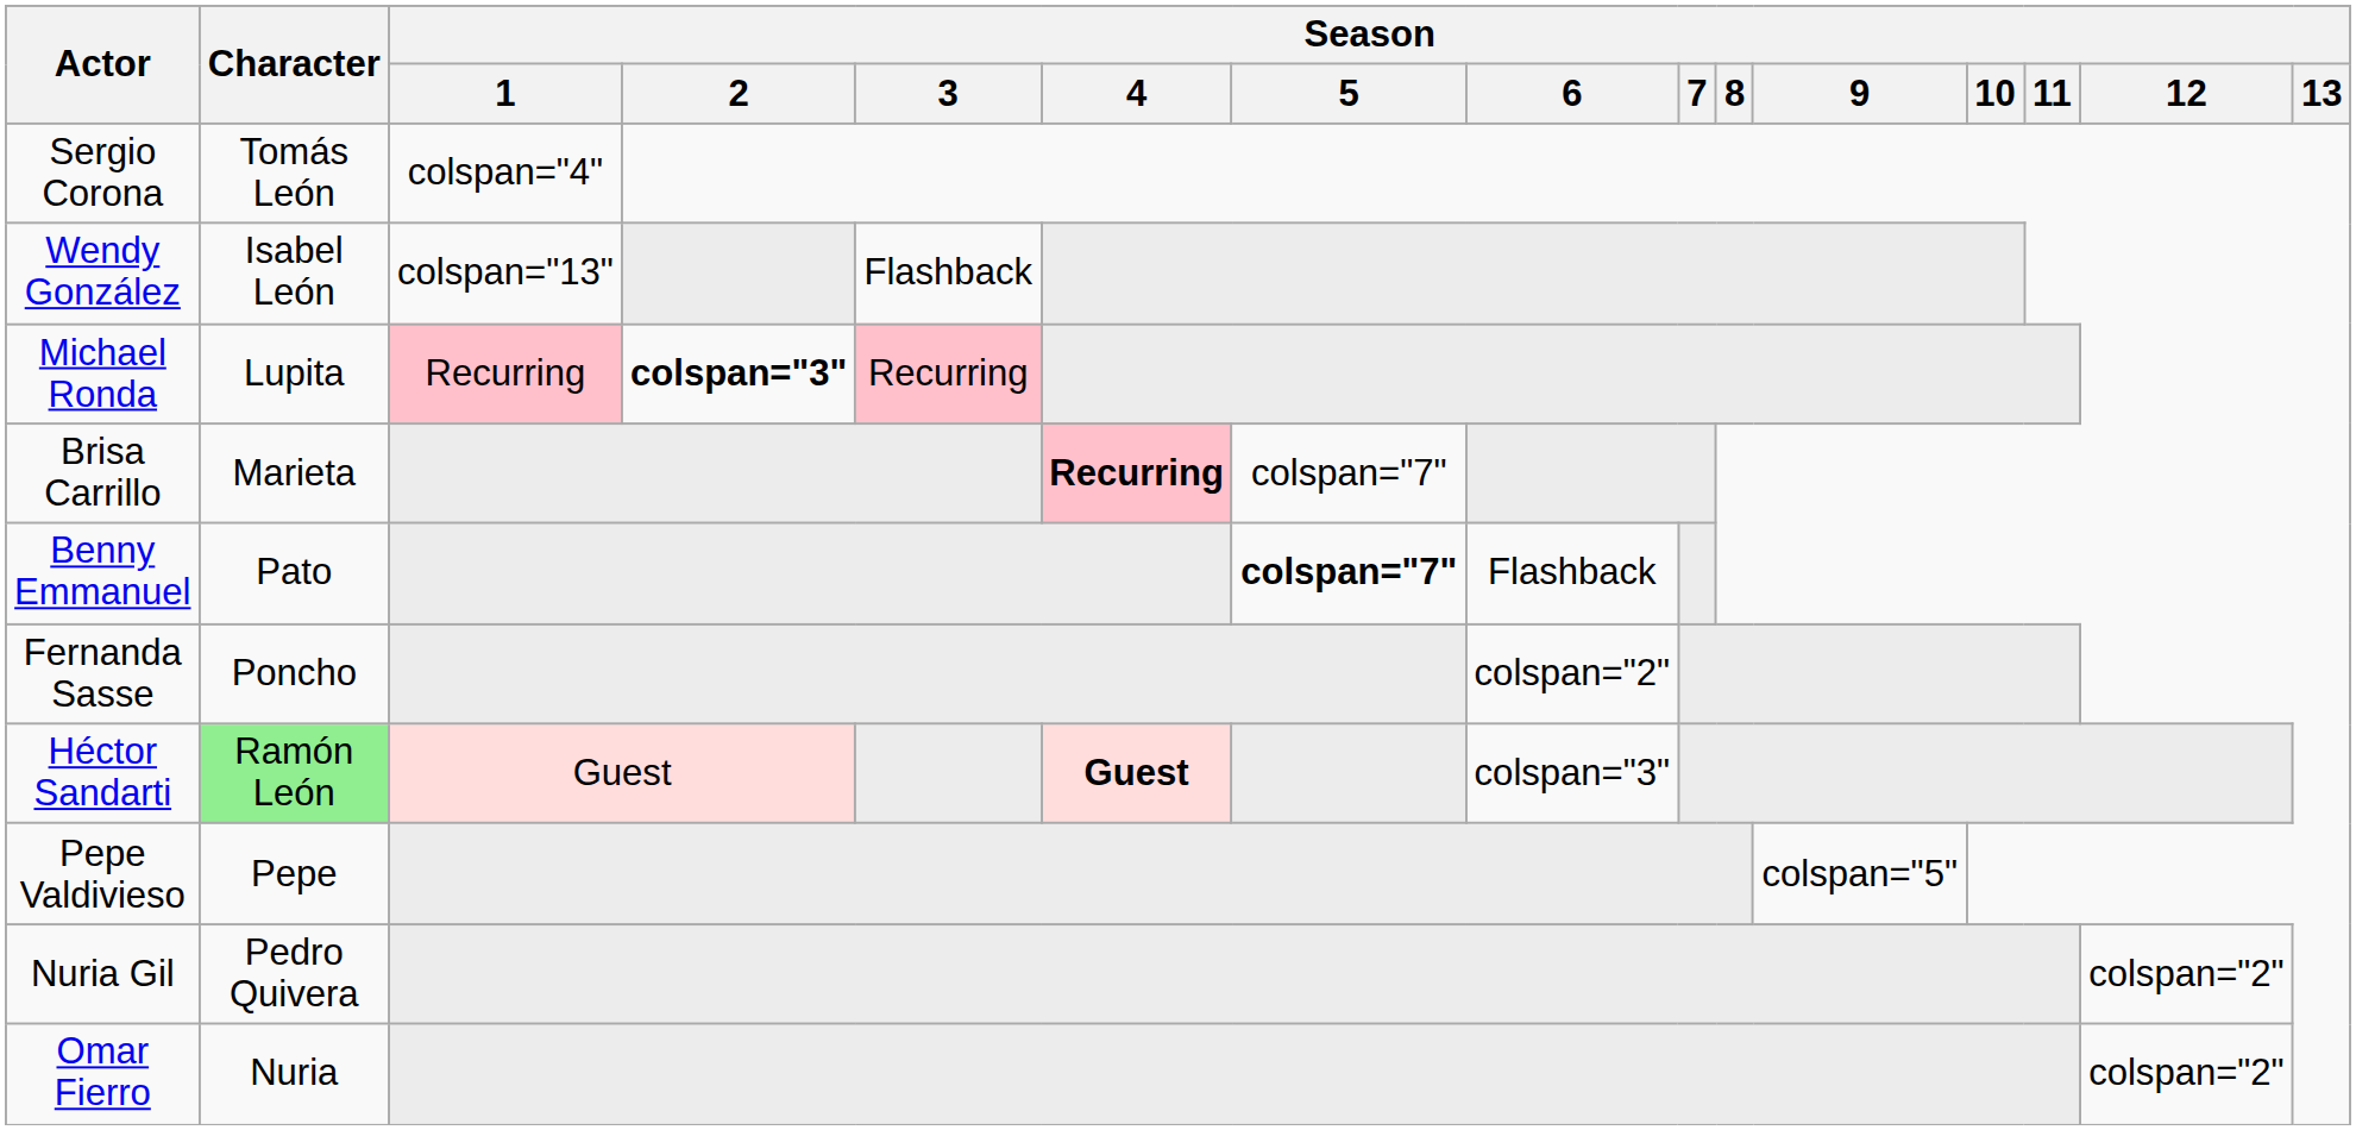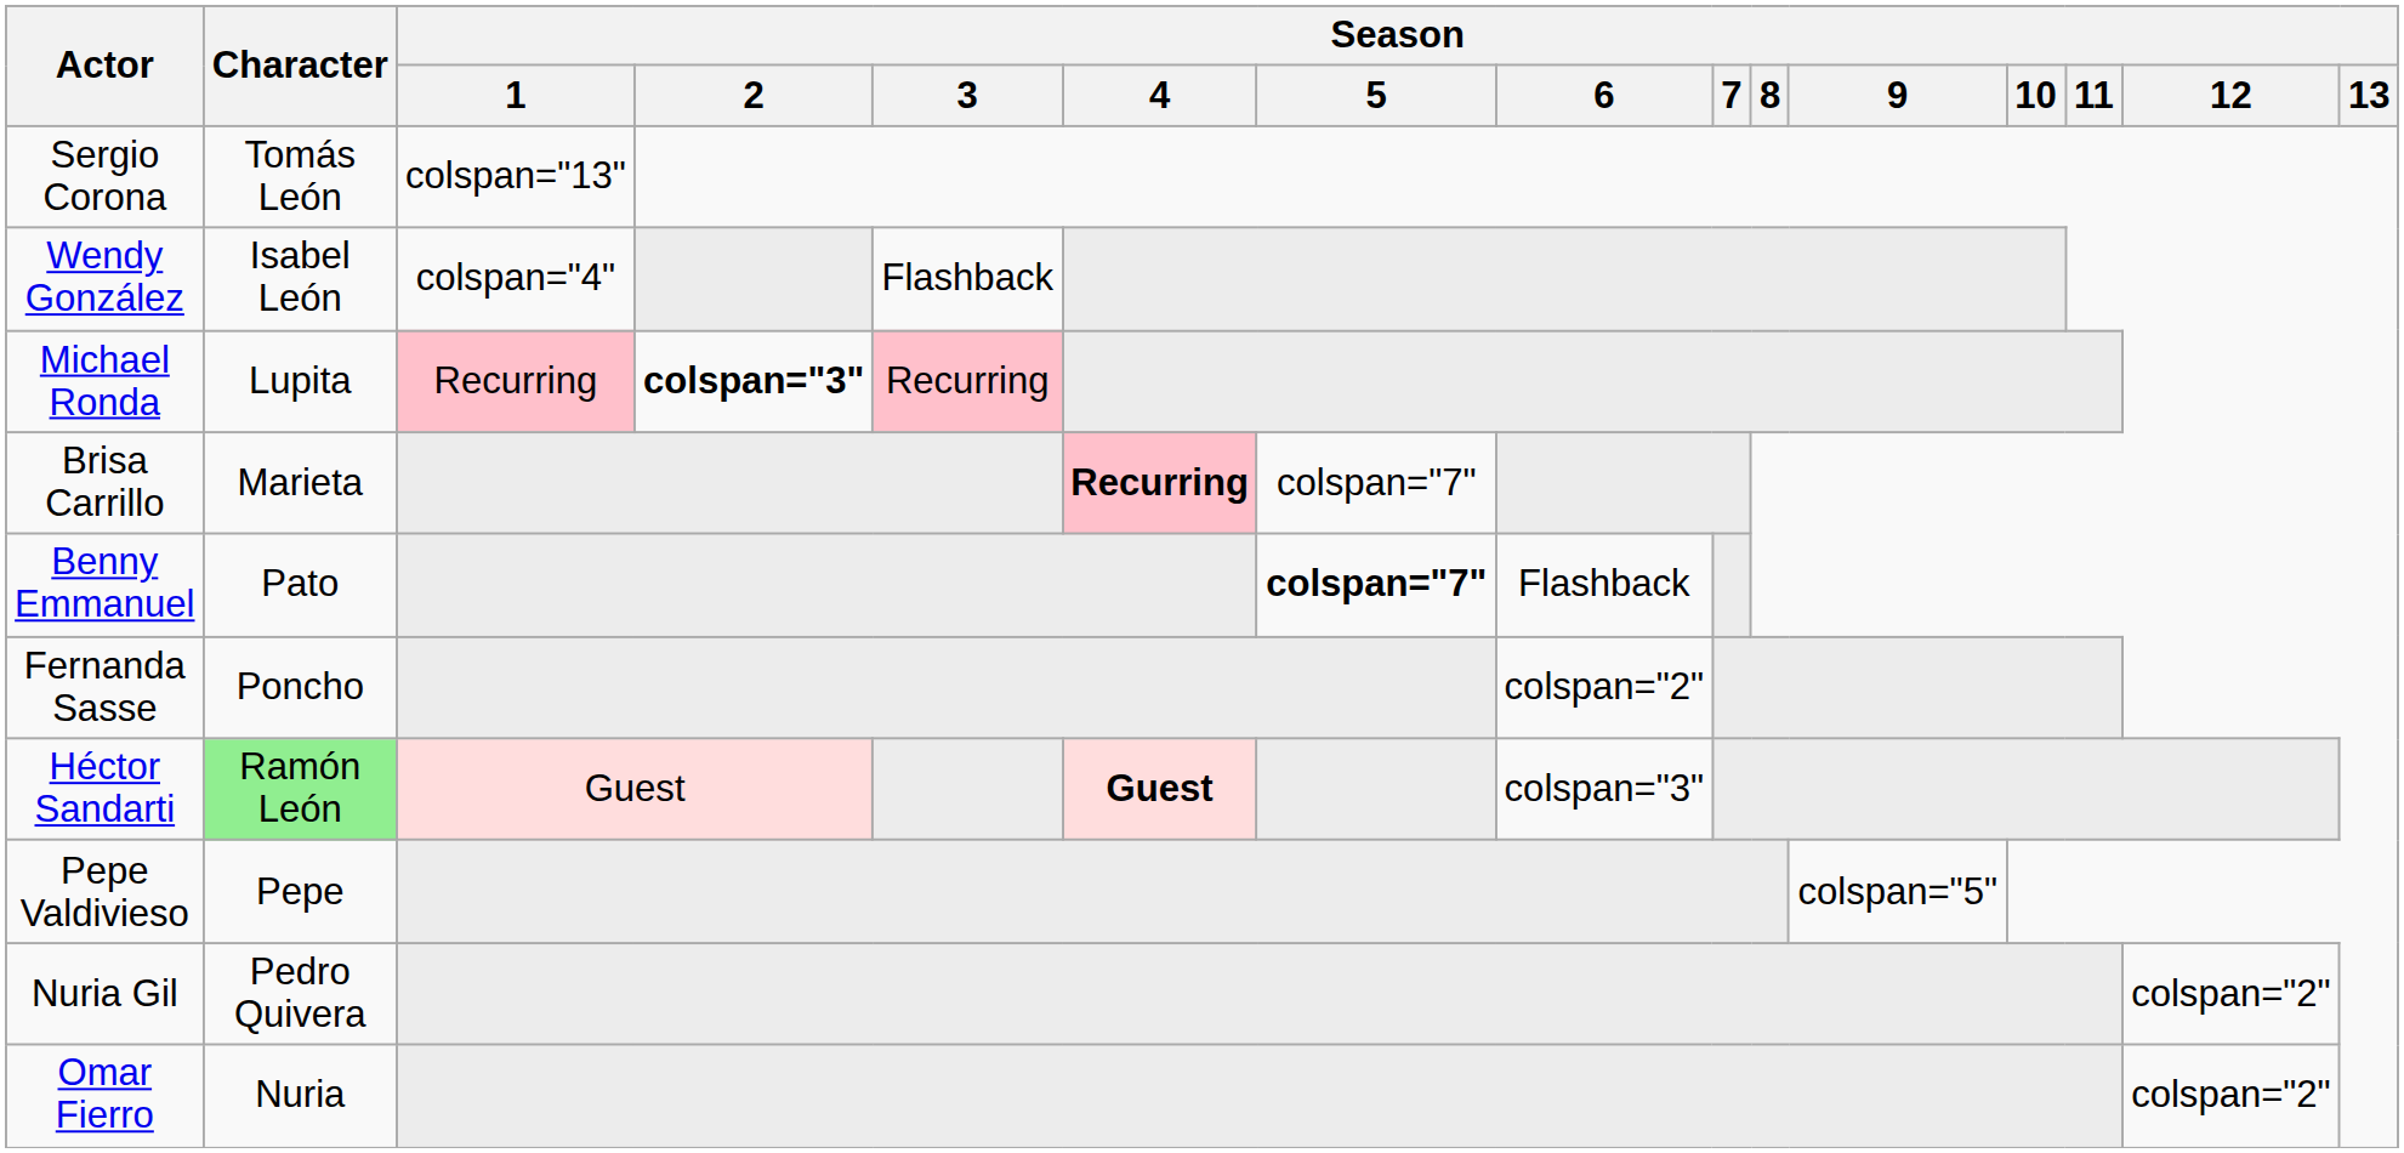 <table class="wikitable plainrowheaders" style="text-align:center">
 <tr>
 <th rowspan="2" style="width:14%;" scope="col">Actor</th>
 <th rowspan="2" style="width:12%;" scope="col">Character</th>
 <th colspan="13">Season</th>
 </tr>
 <tr>
 <th style="width:8%;" scope="col">1</th>
 <th style="width:8%;" scope="col">2</th>
 <th style="width:8%;" scope="col">3</th>
 <th style="width:8%;" scope="col">4</th>
 <th style="width:8%;" scope="col">5</th>
 <th style="width:8%;" scope="col">6</th>
 <th style="width:8%;" scope="col">7</th>
 <th style="width:8%;" scope="col">8</th>
 <th style="width:8%;" scope="col">9</th>
 <th style="width:8%;" scope="col">10</th>
 <th style="width:8%;" scope="col">11</th>
 <th style="width:8%;" scope="col">12</th>
 <th style="width:8%;" scope="col">13</th>
 </tr>
 <tr>
 <td>Sergio Corona</td>
 <td>Tomás León</td>
-<td>colspan="4" </td>
+<td>colspan="13" </td>
 </tr>
 <tr>
 <td><a href='#'>Wendy González</a></td>
 <td>Isabel León</td>
-<td>colspan="13" </td>
+<td>colspan="4" </td>
 <td style="background:#ececec; text-align:center;"></td>
 <td style="background:light yellow; text-align:center;">Flashback</td>
 <td colspan="7" style="background:#ececec; text-align:center;"></td>
 </tr>
 <tr>
 <td><a href='#'>Michael Ronda</a></td>
 <td>Lupita</td>
 <td style="background:pink; text-align:center;">Recurring</td>
 <td><strong>colspan="3" </strong></td>
 <td style="background:pink; text-align:center;">Recurring</td>
 <td colspan="8" style="background:#ececec; text-align:center;"></td>
 </tr>
 <tr>
 <td>Brisa Carrillo</td>
 <td>Marieta</td>
 <td colspan="3" style="background:#ececec; text-align:center;"></td>
 <td style="background:pink; text-align:center;"><strong>Recurring</strong></td>
 <td>colspan="7" </td>
 <td colspan="2" style="background:#ececec; text-align:center;"></td>
 </tr>
 <tr>
 <td><a href='#'>Benny Emmanuel</a></td>
 <td>Pato</td>
 <td colspan="4" style="background:#ececec; text-align:center;"></td>
 <td><strong>colspan="7" </strong></td>
 <td style="background:light yellow; text-align:center;">Flashback</td>
 <td style="background:#ececec; text-align:center;"></td>
 </tr>
 <tr>
 <td>Fernanda Sasse</td>
 <td>Poncho</td>
 <td colspan="5" style="background:#ececec; text-align:center;"></td>
 <td>colspan="2" </td>
 <td colspan="5" style="background:#ececec; text-align:center;"></td>
 </tr>
 <tr>
 <td><a href='#'>Héctor Sandarti</a></td>
 <td style="background: lightgreen;">Ramón León</td>
 <td colspan="2" style="background: #fdd; vertical-align: middle; text-align: center; " class="table-na">Guest</td>
 <td style="background:#ececec; text-align:center;"></td>
 <td style="background: #fdd; vertical-align: middle; text-align: center; " class="table-na"><strong>Guest</strong></td>
 <td style="background:#ececec; text-align:center;"></td>
 <td>colspan="3" </td>
 <td colspan="6" style="background:#ececec; text-align:center;"></td>
 </tr>
 <tr>
 <td>Pepe Valdivieso</td>
 <td>Pepe</td>
 <td colspan="8" style="background:#ececec; text-align:center;"></td>
 <td>colspan="5" </td>
 </tr>
 <tr>
 <td>Nuria Gil</td>
 <td>Pedro Quivera</td>
 <td colspan="11" style="background:#ececec; text-align:center;"></td>
 <td>colspan="2" </td>
 </tr>
 <tr>
 <td><a href='#'>Omar Fierro</a></td>
 <td>Nuria</td>
 <td colspan="11" style="background:#ececec; text-align:center;"></td>
 <td>colspan="2" </td>
 </tr>
 </table>
